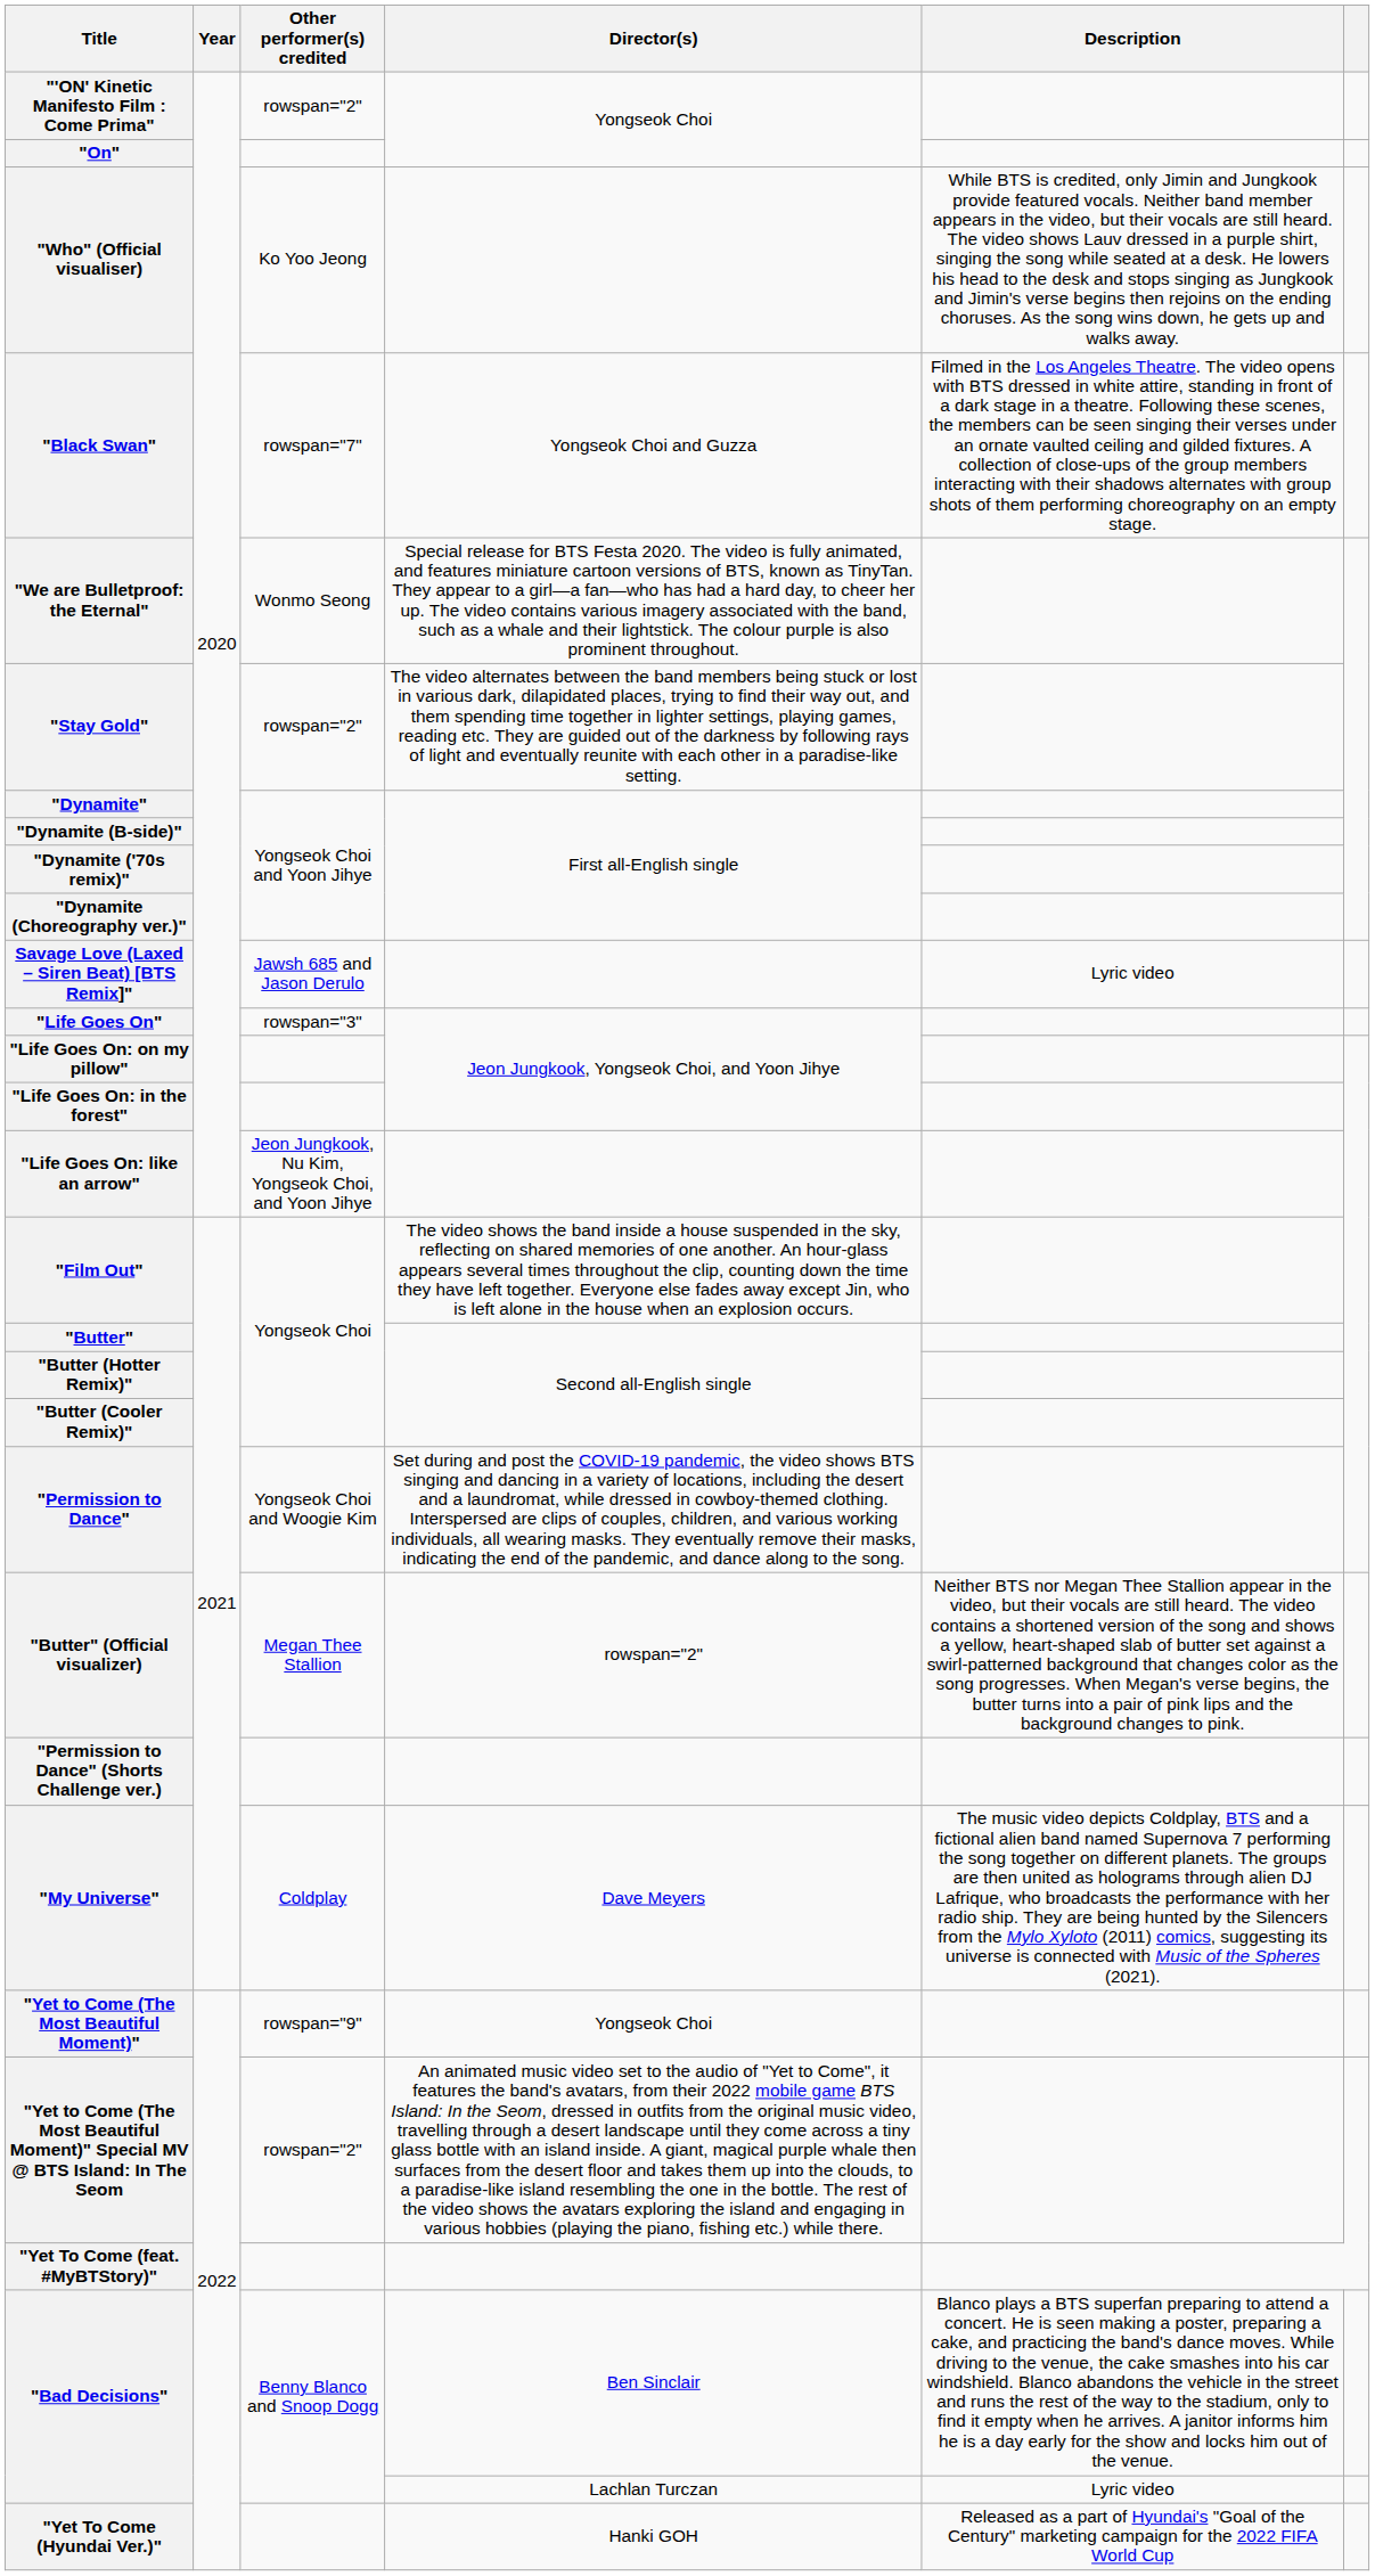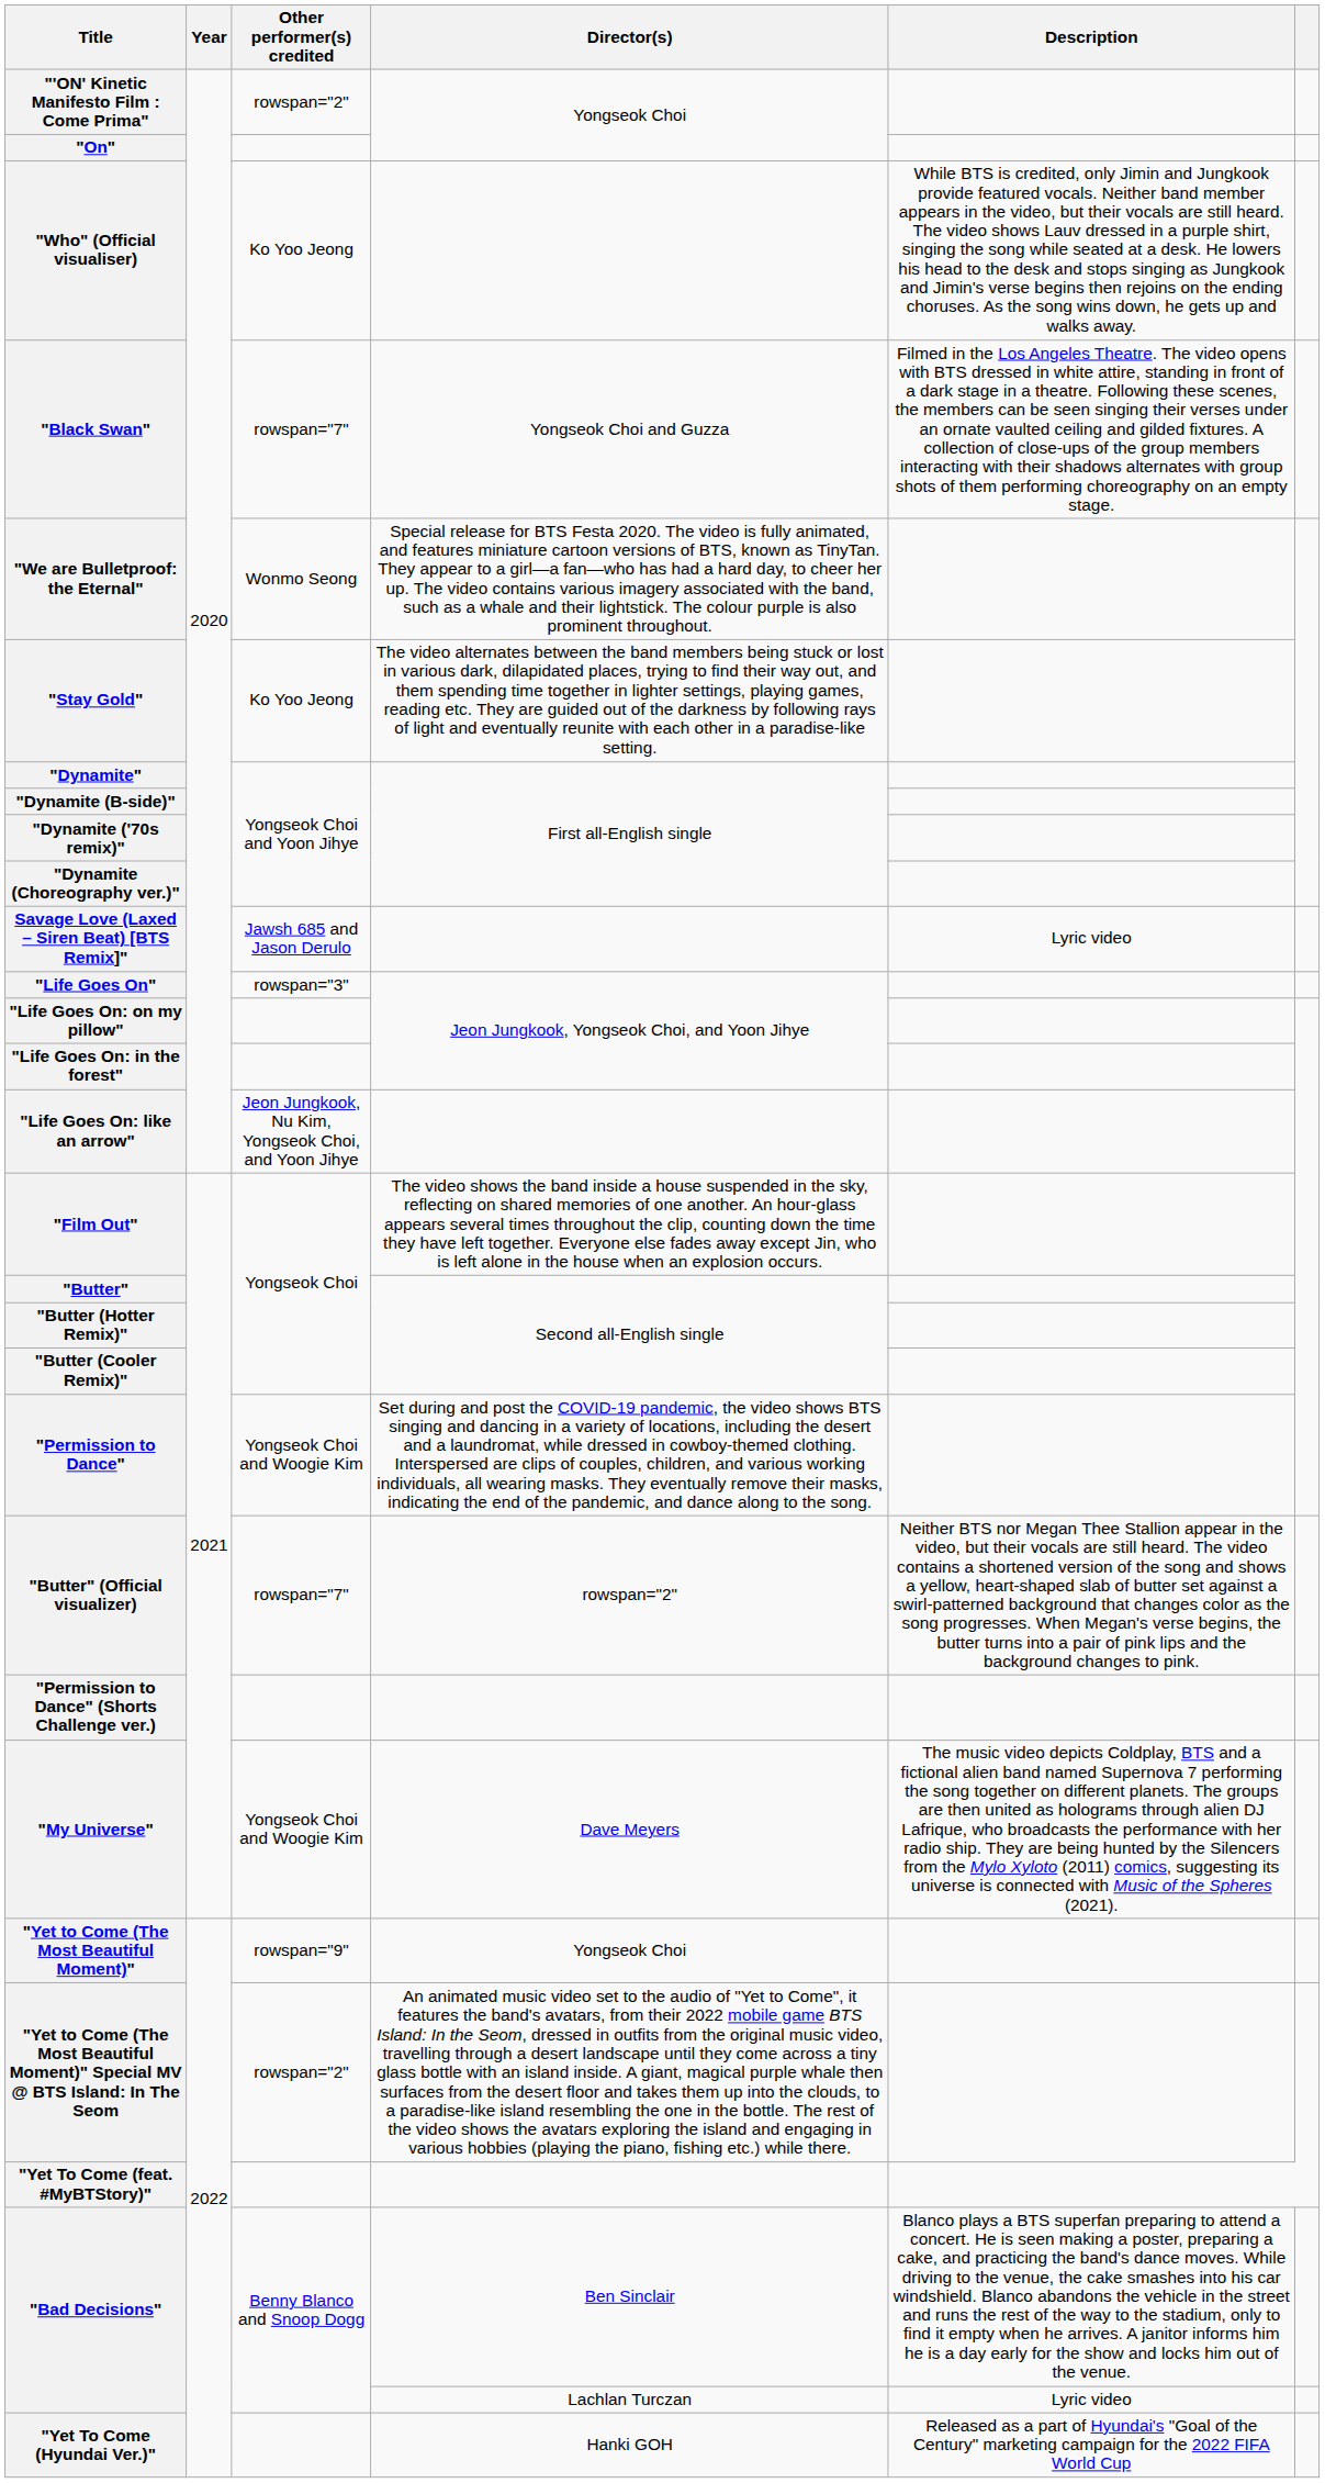 <table class="wikitable sortable plainrowheaders" style="text-align:center;">
 <tr>
 <th scope="col">Title</th>
 <th scope="col">Year</th>
 <th scope="col">Other performer(s) credited</th>
 <th scope="col">Director(s)</th>
 <th scope="col">Description</th>
 <th scope="col" style="width:1em;"></th>
 </tr>
 <tr>
 <th scope="row">"'ON' Kinetic Manifesto Film : Come Prima"</th>
 <td rowspan="15">2020</td>
 <td>rowspan="2" </td>
 <td rowspan="2">Yongseok Choi</td>
 <td></td>
 <td style="text-align:center"></td>
 </tr>
 <tr>
 <th scope="row">"<a href='#'>On</a>"</th>
 <td></td>
 <td style="text-align:center"></td>
 </tr>
 <tr>
 <th scope="row">"Who" (Official visualiser)</th>
 <td>Ko Yoo Jeong</td>
 <td></td>
 <td>While BTS is credited, only Jimin and Jungkook provide featured vocals. Neither band member appears in the video, but their vocals are still heard. The video shows Lauv dressed in a purple shirt, singing the song while seated at a desk. He lowers his head to the desk and stops singing as Jungkook and Jimin's verse begins then rejoins on the ending choruses. As the song wins down, he gets up and walks away.</td>
 <td style="text-align:center"></td>
 </tr>
 <tr>
 <th scope="row">"<a href='#'>Black Swan</a>"</th>
 <td>rowspan="7" </td>
 <td>Yongseok Choi and Guzza</td>
 <td>Filmed in the <a href='#'>Los Angeles Theatre</a>. The video opens with BTS dressed in white attire, standing in front of a dark stage in a theatre. Following these scenes, the members can be seen singing their verses under an ornate vaulted ceiling and gilded fixtures. A collection of close-ups of the group members interacting with their shadows alternates with group shots of them performing choreography on an empty stage.</td>
 <td style="text-align:center"></td>
 </tr>
 <tr>
 <th scope="row">"We are Bulletproof: the Eternal"</th>
 <td>Wonmo Seong</td>
 <td>Special release for BTS Festa 2020. The video is fully animated, and features miniature cartoon versions of BTS, known as TinyTan. They appear to a girl—a fan—who has had a hard day, to cheer her up. The video contains various imagery associated with the band, such as a whale and their lightstick. The colour purple is also prominent throughout.</td>
 <td style="text-align:center"></td>
 </tr>
 <tr>
 <th scope="row">"<a href='#'>Stay Gold</a>"</th>
-<td>rowspan="2" </td>
+<td>Ko Yoo Jeong</td>
 <td>The video alternates between the band members being stuck or lost in various dark, dilapidated places, trying to find their way out, and them spending time together in lighter settings, playing games, reading etc. They are guided out of the darkness by following rays of light and eventually reunite with each other in a paradise-like setting.</td>
 <td style="text-align:center"></td>
 </tr>
 <tr>
 <th scope="row">"<a href='#'>Dynamite</a>"</th>
 <td rowspan="4">Yongseok Choi and Yoon Jihye</td>
 <td rowspan="4">First all-English single</td>
 <td style="text-align:center"></td>
 </tr>
 <tr>
 <th scope="row">"Dynamite (B-side)"</th>
 <td style="text-align:center"></td>
 </tr>
 <tr>
 <th scope="row">"Dynamite ('70s remix)"</th>
 <td style="text-align:center"></td>
 </tr>
 <tr>
 <th scope="row">"Dynamite (Choreography ver.)"</th>
 <td style="text-align:center"></td>
 </tr>
 <tr>
 <th scope="row"><a href='#'>Savage Love (Laxed – Siren Beat) [BTS Remix</a>]"</th>
 <td><a href='#'>Jawsh 685</a> and <a href='#'>Jason Derulo</a></td>
 <td></td>
 <td>Lyric video</td>
 <td style="text-align:center"></td>
 </tr>
 <tr>
 <th scope="row">"<a href='#'>Life Goes On</a>"</th>
 <td>rowspan="3" </td>
 <td rowspan="3"><a href='#'>Jeon Jungkook</a>, Yongseok Choi, and Yoon Jihye</td>
 <td></td>
 <td style="text-align:center"></td>
 </tr>
 <tr>
 <th scope="row">"Life Goes On: on my pillow"</th>
 <td></td>
 <td style="text-align:center"></td>
 </tr>
 <tr>
 <th scope="row">"Life Goes On: in the forest"</th>
 <td></td>
 <td style="text-align:center"></td>
 </tr>
 <tr>
 <th scope="row">"Life Goes On: like an arrow"</th>
 <td><a href='#'>Jeon Jungkook</a>, Nu Kim, Yongseok Choi, and Yoon Jihye</td>
 <td></td>
 <td style="text-align:center"></td>
 </tr>
 <tr>
 <th scope="row">"<a href='#'>Film Out</a>"</th>
 <td rowspan="8">2021</td>
 <td rowspan="4">Yongseok Choi</td>
 <td>The video shows the band inside a house suspended in the sky, reflecting on shared memories of one another. An hour-glass appears several times throughout the clip, counting down the time they have left together. Everyone else fades away except Jin, who is left alone in the house when an explosion occurs.</td>
 <td style="text-align:center"></td>
 </tr>
 <tr>
 <th scope="row">"<a href='#'>Butter</a>"</th>
 <td rowspan="3">Second all-English single</td>
 <td style="text-align:center"></td>
 </tr>
 <tr>
 <th scope="row">"Butter (Hotter Remix)"</th>
 <td style="text-align:center"></td>
 </tr>
 <tr>
 <th scope="row">"Butter (Cooler Remix)"</th>
 <td style="text-align:center"></td>
 </tr>
 <tr>
 <th scope="row">"<a href='#'>Permission to Dance</a>"</th>
 <td>Yongseok Choi and Woogie Kim</td>
 <td>Set during and post the <a href='#'>COVID-19 pandemic</a>, the video shows BTS singing and dancing in a variety of locations, including the desert and a laundromat, while dressed in cowboy-themed clothing. Interspersed are clips of couples, children, and various working individuals, all wearing masks. They eventually remove their masks, indicating the end of the pandemic, and dance along to the song.</td>
 <td style="text-align:center"></td>
 </tr>
 <tr>
 <th scope="row">"Butter" (Official visualizer)</th>
-<td><a href='#'>Megan Thee Stallion</a></td>
+<td>rowspan="7" </td>
 <td>rowspan="2" </td>
 <td>Neither BTS nor Megan Thee Stallion appear in the video, but their vocals are still heard. The video contains a shortened version of the song and shows a yellow, heart-shaped slab of butter set against a swirl-patterned background that changes color as the song progresses. When Megan's verse begins, the butter turns into a pair of pink lips and the background changes to pink.</td>
 <td style="text-align:center"></td>
 </tr>
 <tr>
 <th scope="row">"Permission to Dance" (Shorts Challenge ver.)</th>
 <td></td>
 <td></td>
 <td></td>
 </tr>
 <tr>
 <th scope="row">"<a href='#'>My Universe</a>"</th>
-<td><a href='#'>Coldplay</a></td>
+<td>Yongseok Choi and Woogie Kim</td>
 <td><a href='#'>Dave Meyers</a></td>
 <td>The music video depicts Coldplay, <a href='#'>BTS</a> and a fictional alien band named Supernova 7 performing the song together on different planets. The groups are then united as holograms through alien DJ Lafrique, who broadcasts the performance with her radio ship. They are being hunted by the Silencers from the <em><a href='#'>Mylo Xyloto</a></em> (2011) <a href='#'>comics</a>, suggesting its universe is connected with <em><a href='#'>Music of the Spheres</a></em> (2021).</td>
 <td style="text-align:center"></td>
 </tr>
 <tr>
 <th scope="row">"<a href='#'>Yet to Come (The Most Beautiful Moment)</a>"</th>
 <td rowspan="6">2022</td>
 <td>rowspan="9" </td>
 <td>Yongseok Choi</td>
 <td></td>
 <td style="text-align:center"></td>
 </tr>
 <tr>
 <th scope="row">"Yet to Come (The Most Beautiful Moment)" Special MV @ BTS Island: In The Seom</th>
 <td>rowspan="2" </td>
 <td>An animated music video set to the audio of "Yet to Come", it features the band's avatars, from their 2022 <a href='#'>mobile game</a> <em>BTS Island: In the Seom</em>, dressed in outfits from the original music video, travelling through a desert landscape until they come across a tiny glass bottle with an island inside. A giant, magical purple whale then surfaces from the desert floor and takes them up into the clouds, to a paradise-like island resembling the one in the bottle. The rest of the video shows the avatars exploring the island and engaging in various hobbies (playing the piano, fishing etc.) while there.</td>
 <td style="text-align:center"></td>
 </tr>
 <tr>
 <th scope="row">"Yet To Come (feat. #MyBTStory)"</th>
 <td></td>
 <td style="text-align:center"></td>
 </tr>
 <tr>
 <th rowspan="2" scope="row">"<a href='#'>Bad Decisions</a>"</th>
 <td rowspan="2"><a href='#'>Benny Blanco</a> and <a href='#'>Snoop Dogg</a></td>
 <td><a href='#'>Ben Sinclair</a></td>
 <td>Blanco plays a BTS superfan preparing to attend a concert. He is seen making a poster, preparing a cake, and practicing the band's dance moves. While driving to the venue, the cake smashes into his car windshield. Blanco abandons the vehicle in the street and runs the rest of the way to the stadium, only to find it empty when he arrives. A janitor informs him he is a day early for the show and locks him out of the venue.</td>
 <td style="text-align:center"></td>
 </tr>
 <tr>
 <td>Lachlan Turczan</td>
 <td>Lyric video</td>
 <td style="text-align:center"></td>
 </tr>
 <tr>
 <th scope="row">"Yet To Come (Hyundai Ver.)"</th>
 <td></td>
 <td>Hanki GOH</td>
 <td>Released as a part of <a href='#'>Hyundai's</a> "Goal of the Century" marketing campaign for the <a href='#'>2022 FIFA World Cup</a></td>
 <td style="text-align:center"></td>
 </tr>
 </table>
